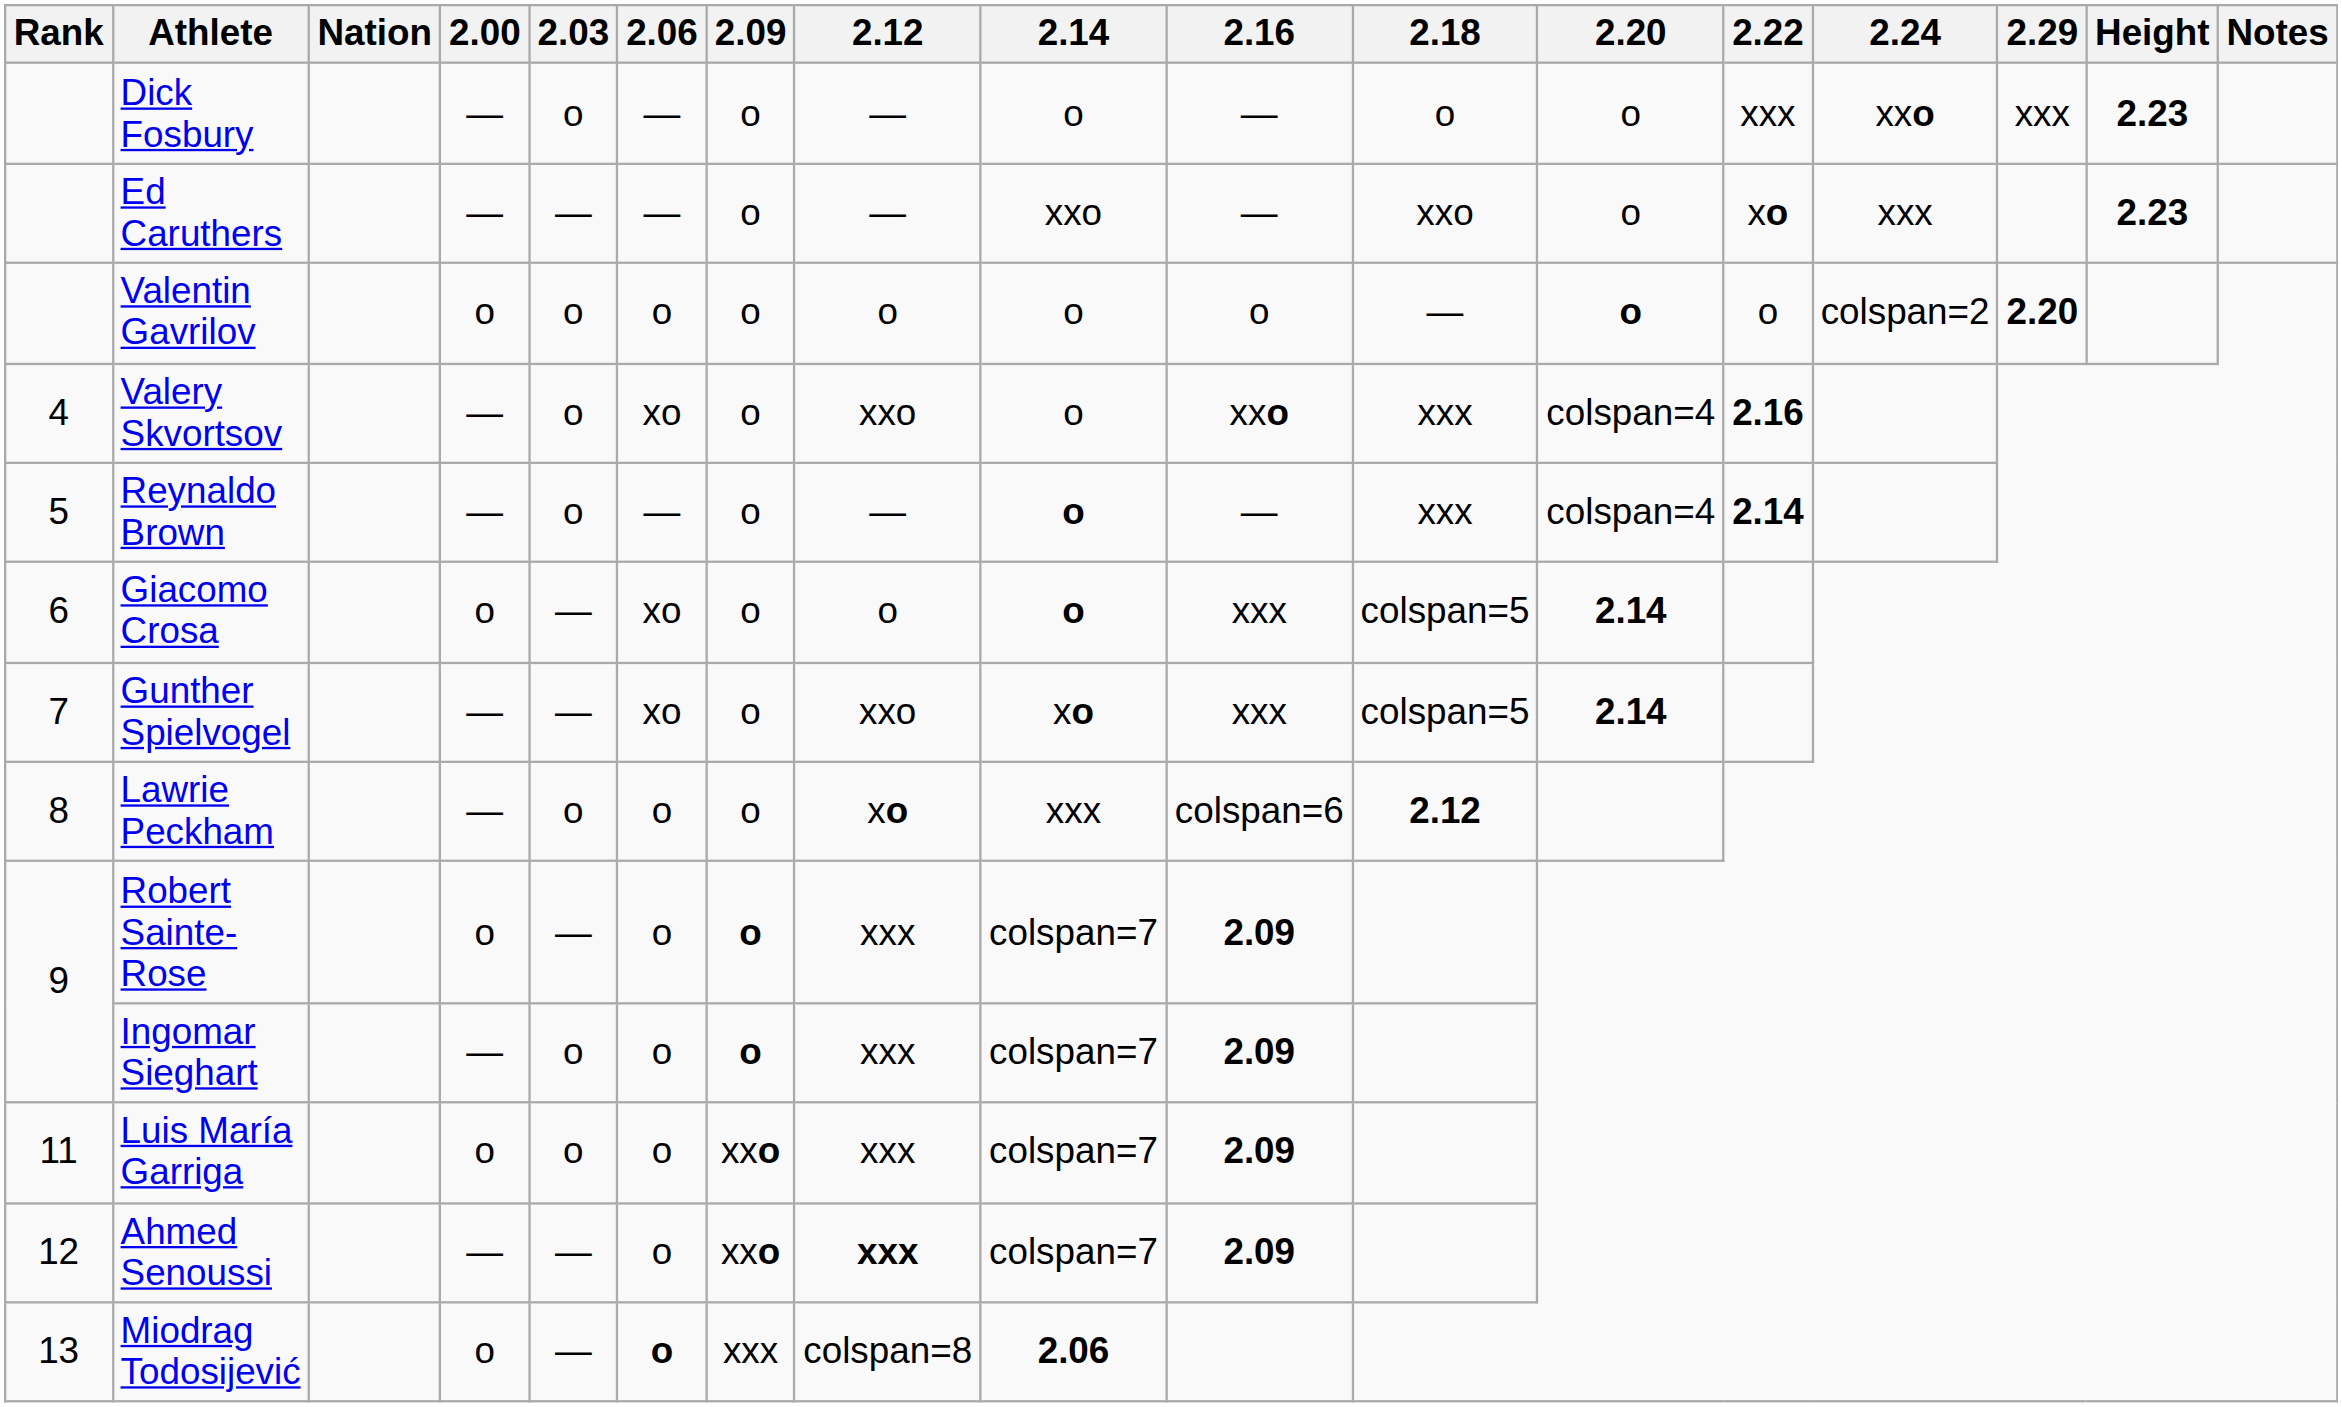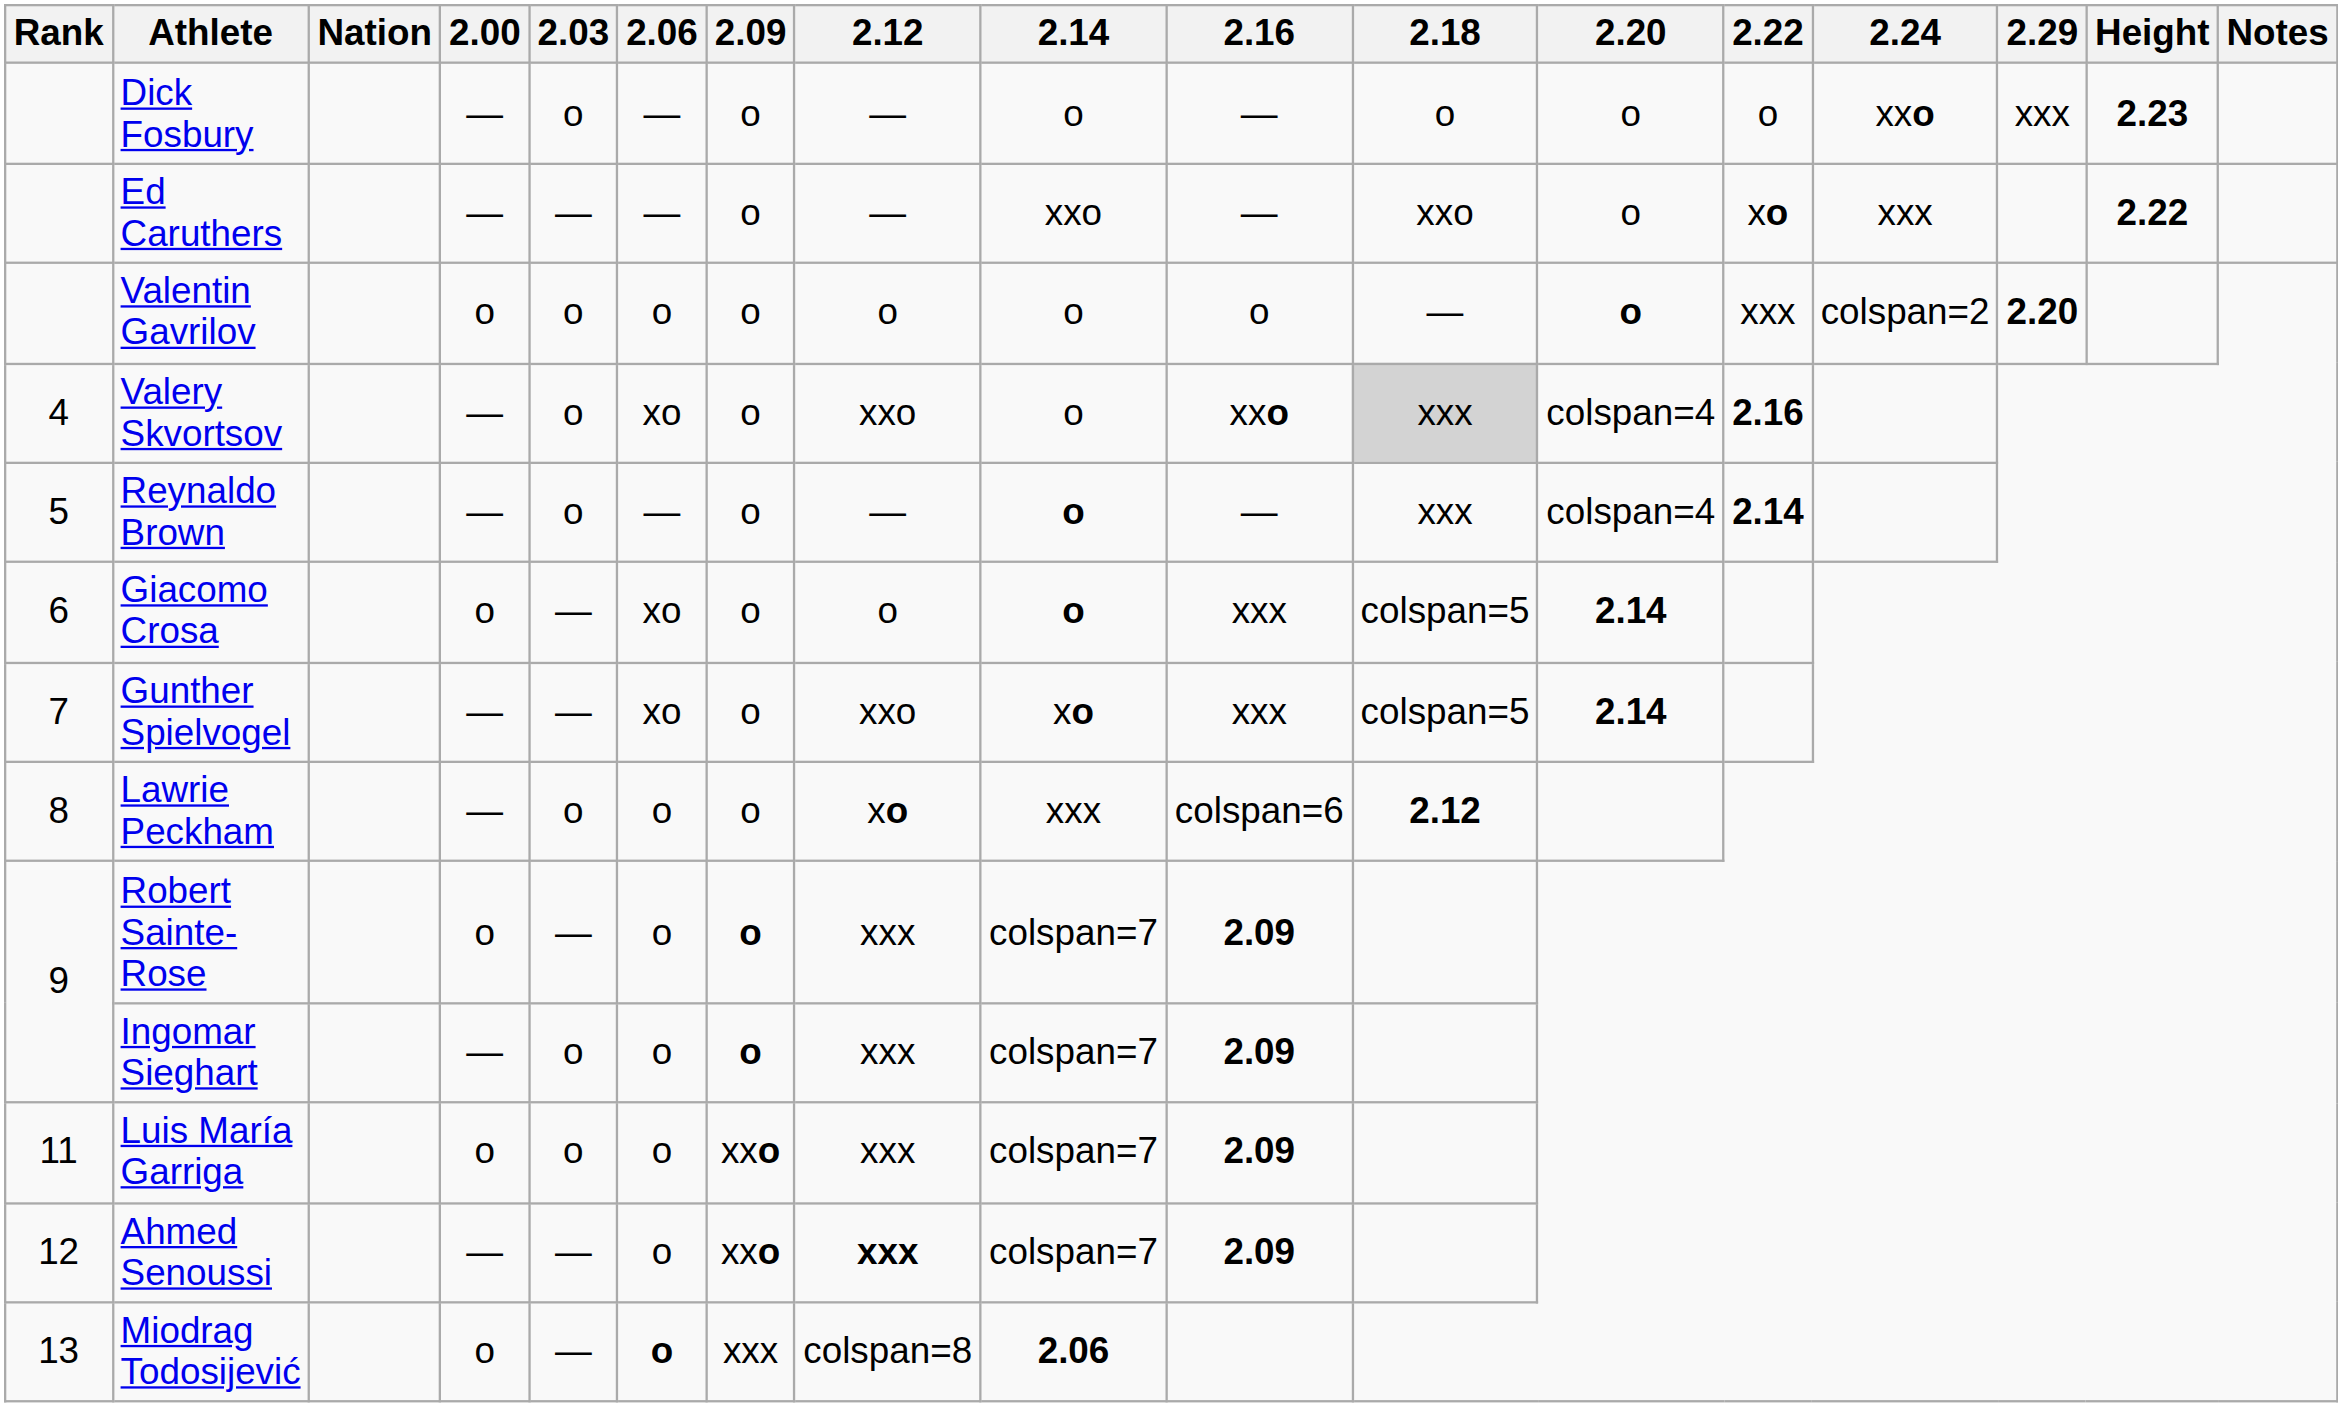 <table class="wikitable sortable" style="text-align:center">
 <tr>
 <th>Rank</th>
 <th>Athlete</th>
 <th>Nation</th>
 <th>2.00</th>
 <th>2.03</th>
 <th>2.06</th>
 <th>2.09</th>
 <th>2.12</th>
 <th>2.14</th>
 <th>2.16</th>
 <th>2.18</th>
 <th>2.20</th>
 <th>2.22</th>
 <th>2.24</th>
 <th>2.29</th>
 <th>Height</th>
 <th>Notes</th>
 </tr>
 <tr>
 <td></td>
 <td align=left><a href='#'>Dick Fosbury</a></td>
 <td align=left></td>
 <td>—</td>
 <td>o</td>
 <td>—</td>
 <td>o</td>
 <td>—</td>
 <td>o</td>
 <td>—</td>
 <td>o</td>
 <td>o</td>
-<td>xxx</td>
+<td>o</td>
 <td>xx<strong>o</strong></td>
 <td>xxx</td>
 <td><strong>2.23</strong></td>
 <td></td>
 </tr>
 <tr>
 <td></td>
 <td align=left><a href='#'>Ed Caruthers</a></td>
 <td align=left></td>
 <td>—</td>
 <td>—</td>
 <td>—</td>
 <td>o</td>
 <td>—</td>
 <td>xxo</td>
 <td>—</td>
 <td>xxo</td>
 <td>o</td>
 <td>x<strong>o</strong></td>
 <td>xxx</td>
 <td></td>
-<td><strong>2.23</strong></td>
+<td><strong>2.22</strong></td>
 <td></td>
 </tr>
 <tr>
 <td></td>
 <td align=left><a href='#'>Valentin Gavrilov</a></td>
 <td align=left></td>
 <td>o</td>
 <td>o</td>
 <td>o</td>
 <td>o</td>
 <td>o</td>
 <td>o</td>
 <td>o</td>
 <td>—</td>
 <td><strong>o</strong></td>
-<td>o</td>
+<td>xxx</td>
 <td>colspan=2 </td>
 <td><strong>2.20</strong></td>
 <td></td>
 </tr>
 <tr>
 <td>4</td>
 <td align=left><a href='#'>Valery Skvortsov</a></td>
 <td align=left></td>
 <td>—</td>
 <td>o</td>
 <td>xo</td>
 <td>o</td>
 <td>xxo</td>
 <td>o</td>
 <td>xx<strong>o</strong></td>
-<td>xxx</td>
+<td style="background: lightgrey;">xxx</td>
 <td>colspan=4 </td>
 <td><strong>2.16</strong></td>
 <td></td>
 </tr>
 <tr>
 <td>5</td>
 <td align=left><a href='#'>Reynaldo Brown</a></td>
 <td align=left></td>
 <td>—</td>
 <td>o</td>
 <td>—</td>
 <td>o</td>
 <td>—</td>
 <td><strong>o</strong></td>
 <td>—</td>
 <td>xxx</td>
 <td>colspan=4 </td>
 <td><strong>2.14</strong></td>
 <td></td>
 </tr>
 <tr>
 <td>6</td>
 <td align=left><a href='#'>Giacomo Crosa</a></td>
 <td align=left></td>
 <td>o</td>
 <td>—</td>
 <td>xo</td>
 <td>o</td>
 <td>o</td>
 <td><strong>o</strong></td>
 <td>xxx</td>
 <td>colspan=5 </td>
 <td><strong>2.14</strong></td>
 <td></td>
 </tr>
 <tr>
 <td>7</td>
 <td align=left><a href='#'>Gunther Spielvogel</a></td>
 <td align=left></td>
 <td>—</td>
 <td>—</td>
 <td>xo</td>
 <td>o</td>
 <td>xxo</td>
 <td>x<strong>o</strong></td>
 <td>xxx</td>
 <td>colspan=5 </td>
 <td><strong>2.14</strong></td>
 <td></td>
 </tr>
 <tr>
 <td>8</td>
 <td align=left><a href='#'>Lawrie Peckham</a></td>
 <td align=left></td>
 <td>—</td>
 <td>o</td>
 <td>o</td>
 <td>o</td>
 <td>x<strong>o</strong></td>
 <td>xxx</td>
 <td>colspan=6 </td>
 <td><strong>2.12</strong></td>
 <td></td>
 </tr>
 <tr>
 <td rowspan=2>9</td>
 <td align=left><a href='#'>Robert Sainte-Rose</a></td>
 <td align=left></td>
 <td>o</td>
 <td>—</td>
 <td>o</td>
 <td><strong>o</strong></td>
 <td>xxx</td>
 <td>colspan=7 </td>
 <td><strong>2.09</strong></td>
 <td></td>
 </tr>
 <tr>
 <td align=left><a href='#'>Ingomar Sieghart</a></td>
 <td align=left></td>
 <td>—</td>
 <td>o</td>
 <td>o</td>
 <td><strong>o</strong></td>
 <td>xxx</td>
 <td>colspan=7 </td>
 <td><strong>2.09</strong></td>
 <td></td>
 </tr>
 <tr>
 <td>11</td>
 <td align=left><a href='#'>Luis María Garriga</a></td>
 <td align=left></td>
 <td>o</td>
 <td>o</td>
 <td>o</td>
 <td>xx<strong>o</strong></td>
 <td>xxx</td>
 <td>colspan=7 </td>
 <td><strong>2.09</strong></td>
 <td></td>
 </tr>
 <tr>
 <td>12</td>
 <td align=left><a href='#'>Ahmed Senoussi</a></td>
 <td align=left></td>
 <td>—</td>
 <td>—</td>
 <td>o</td>
 <td>xx<strong>o</strong></td>
 <td><strong>xxx</strong></td>
 <td>colspan=7 </td>
 <td><strong>2.09</strong></td>
 <td></td>
 </tr>
 <tr>
 <td>13</td>
 <td align=left><a href='#'>Miodrag Todosijević</a></td>
 <td align=left></td>
 <td>o</td>
 <td>—</td>
 <td><strong>o</strong></td>
 <td>xxx</td>
 <td>colspan=8 </td>
 <td><strong>2.06</strong></td>
 <td></td>
 </tr>
 </table>
